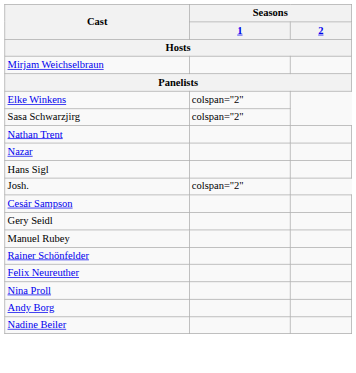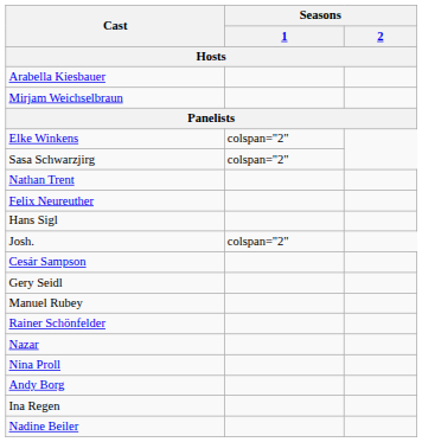 <table class="wikitable mw-collapsible mw-collapsed" style="margin-left: auto; margin-right: auto; border: none; font-size:90%; width:30%;">
 <tr>
 <th rowspan="2" width="135">Cast</th>
 <th colspan="2" style=text-align:center;>Seasons</th>
 </tr>
 <tr>
 <th width="40"><a href='#'>1</a></th>
 <th width="40"><a href='#'>2</a></th>
 </tr>
 <tr>
 <th colspan="3">Hosts</th>
+</tr>
+<tr>
+<td><a href='#'>Arabella Kiesbauer</a></td>
+<td></td>
+<td></td>
 </tr>
 <tr>
 <td><a href='#'>Mirjam Weichselbraun</a></td>
 <td></td>
 <td></td>
 </tr>
 <tr>
 <th colspan="3">Panelists</th>
 </tr>
 <tr>
 <td><a href='#'>Elke Winkens</a></td>
 <td>colspan="2" </td>
 </tr>
 <tr>
 <td>Sasa Schwarzjirg</td>
 <td>colspan="2" </td>
 </tr>
 <tr>
 <td><a href='#'>Nathan Trent</a></td>
 <td></td>
 <td></td>
 </tr>
 <tr>
-<td><a href='#'>Nazar</a></td>
+<td><a href='#'>Felix Neureuther</a></td>
 <td></td>
 <td></td>
 </tr>
 <tr>
 <td>Hans Sigl</td>
 <td></td>
 <td></td>
 </tr>
 <tr>
 <td>Josh.</td>
 <td>colspan="2" </td>
 </tr>
 <tr>
 <td><a href='#'>Cesár Sampson</a></td>
 <td></td>
 <td></td>
 </tr>
 <tr>
 <td>Gery Seidl</td>
 <td></td>
 <td></td>
 </tr>
 <tr>
 <td>Manuel Rubey</td>
 <td></td>
 <td></td>
 </tr>
 <tr>
 <td><a href='#'>Rainer Schönfelder</a></td>
 <td></td>
 <td></td>
 </tr>
 <tr>
-<td><a href='#'>Felix Neureuther</a></td>
+<td><a href='#'>Nazar</a></td>
 <td></td>
 <td></td>
 </tr>
 <tr>
 <td><a href='#'>Nina Proll</a></td>
 <td></td>
 <td></td>
 </tr>
 <tr>
 <td><a href='#'>Andy Borg</a></td>
 <td></td>
 <td></td>
 </tr>
 <tr>
+<td>Ina Regen</td>
+<td></td>
+<td></td>
+</tr>
+<tr>
 <td><a href='#'>Nadine Beiler</a></td>
 <td></td>
 <td></td>
 </tr>
 </table>
